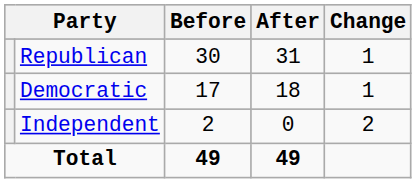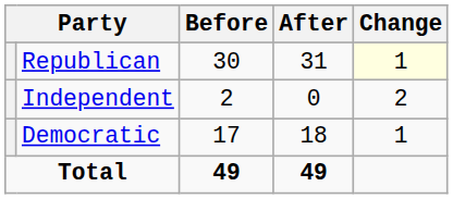 <table class="wikitable" style="text-align:center;">
 <tr>
 <th colspan="2">Party</th>
 <th>Before</th>
 <th>After</th>
 <th>Change</th>
 </tr>
 <tr>
 <th style="background-color:"></th>
 <td style="text-align:left;"><a href='#'>Republican</a></td>
 <td>30</td>
 <td>31</td>
-<td> 1</td>
+<td style="background: lightyellow;"> 1</td>
+</tr>
+<tr>
+<th style="background-color:"></th>
+<td style="text-align:left;"><a href='#'>Independent</a></td>
+<td>2</td>
+<td>0</td>
+<td> 2</td>
 </tr>
 <tr>
 <th style="background-color:"></th>
 <td style="text-align:left;"><a href='#'>Democratic</a></td>
 <td>17</td>
 <td>18</td>
 <td> 1</td>
 </tr>
 <tr>
-<th style="background-color:"></th>
-<td style="text-align:left;"><a href='#'>Independent</a></td>
-<td>2</td>
-<td>0</td>
-<td> 2</td>
-</tr>
-<tr>
 <td colspan="2"><strong>Total</strong></td>
 <td><strong>49</strong></td>
 <td><strong>49</strong></td>
 <td></td>
 </tr>
 </table>
